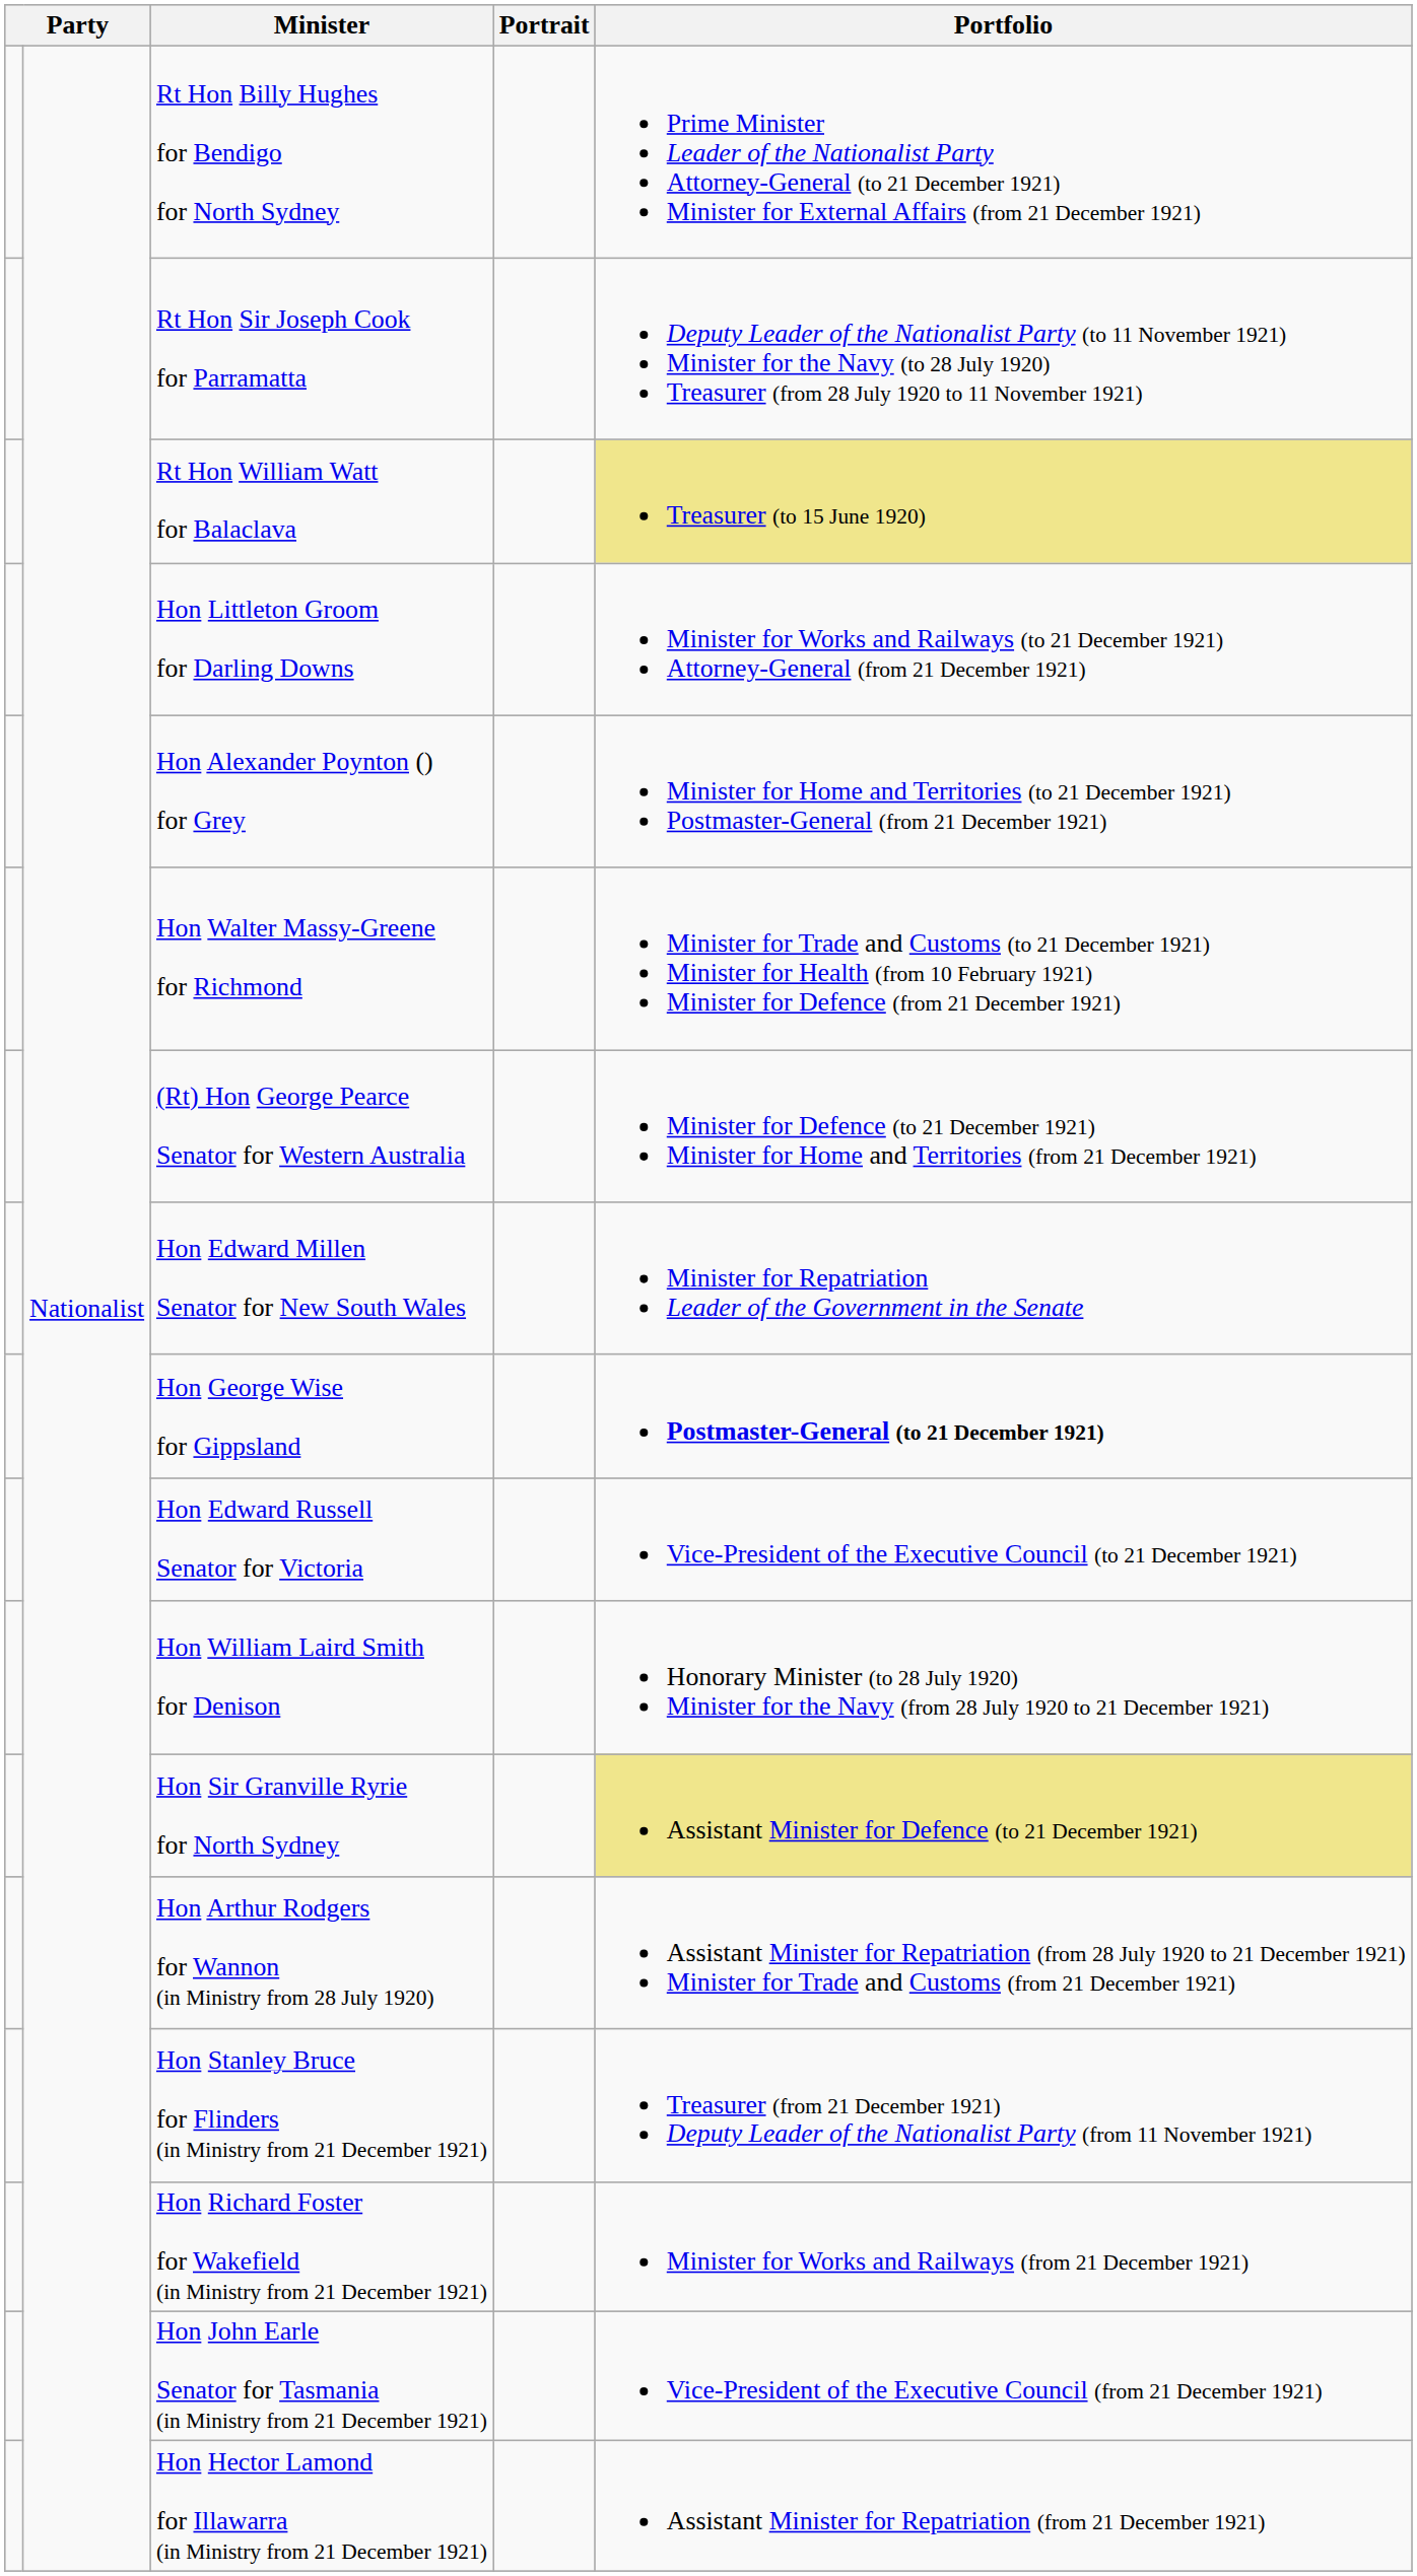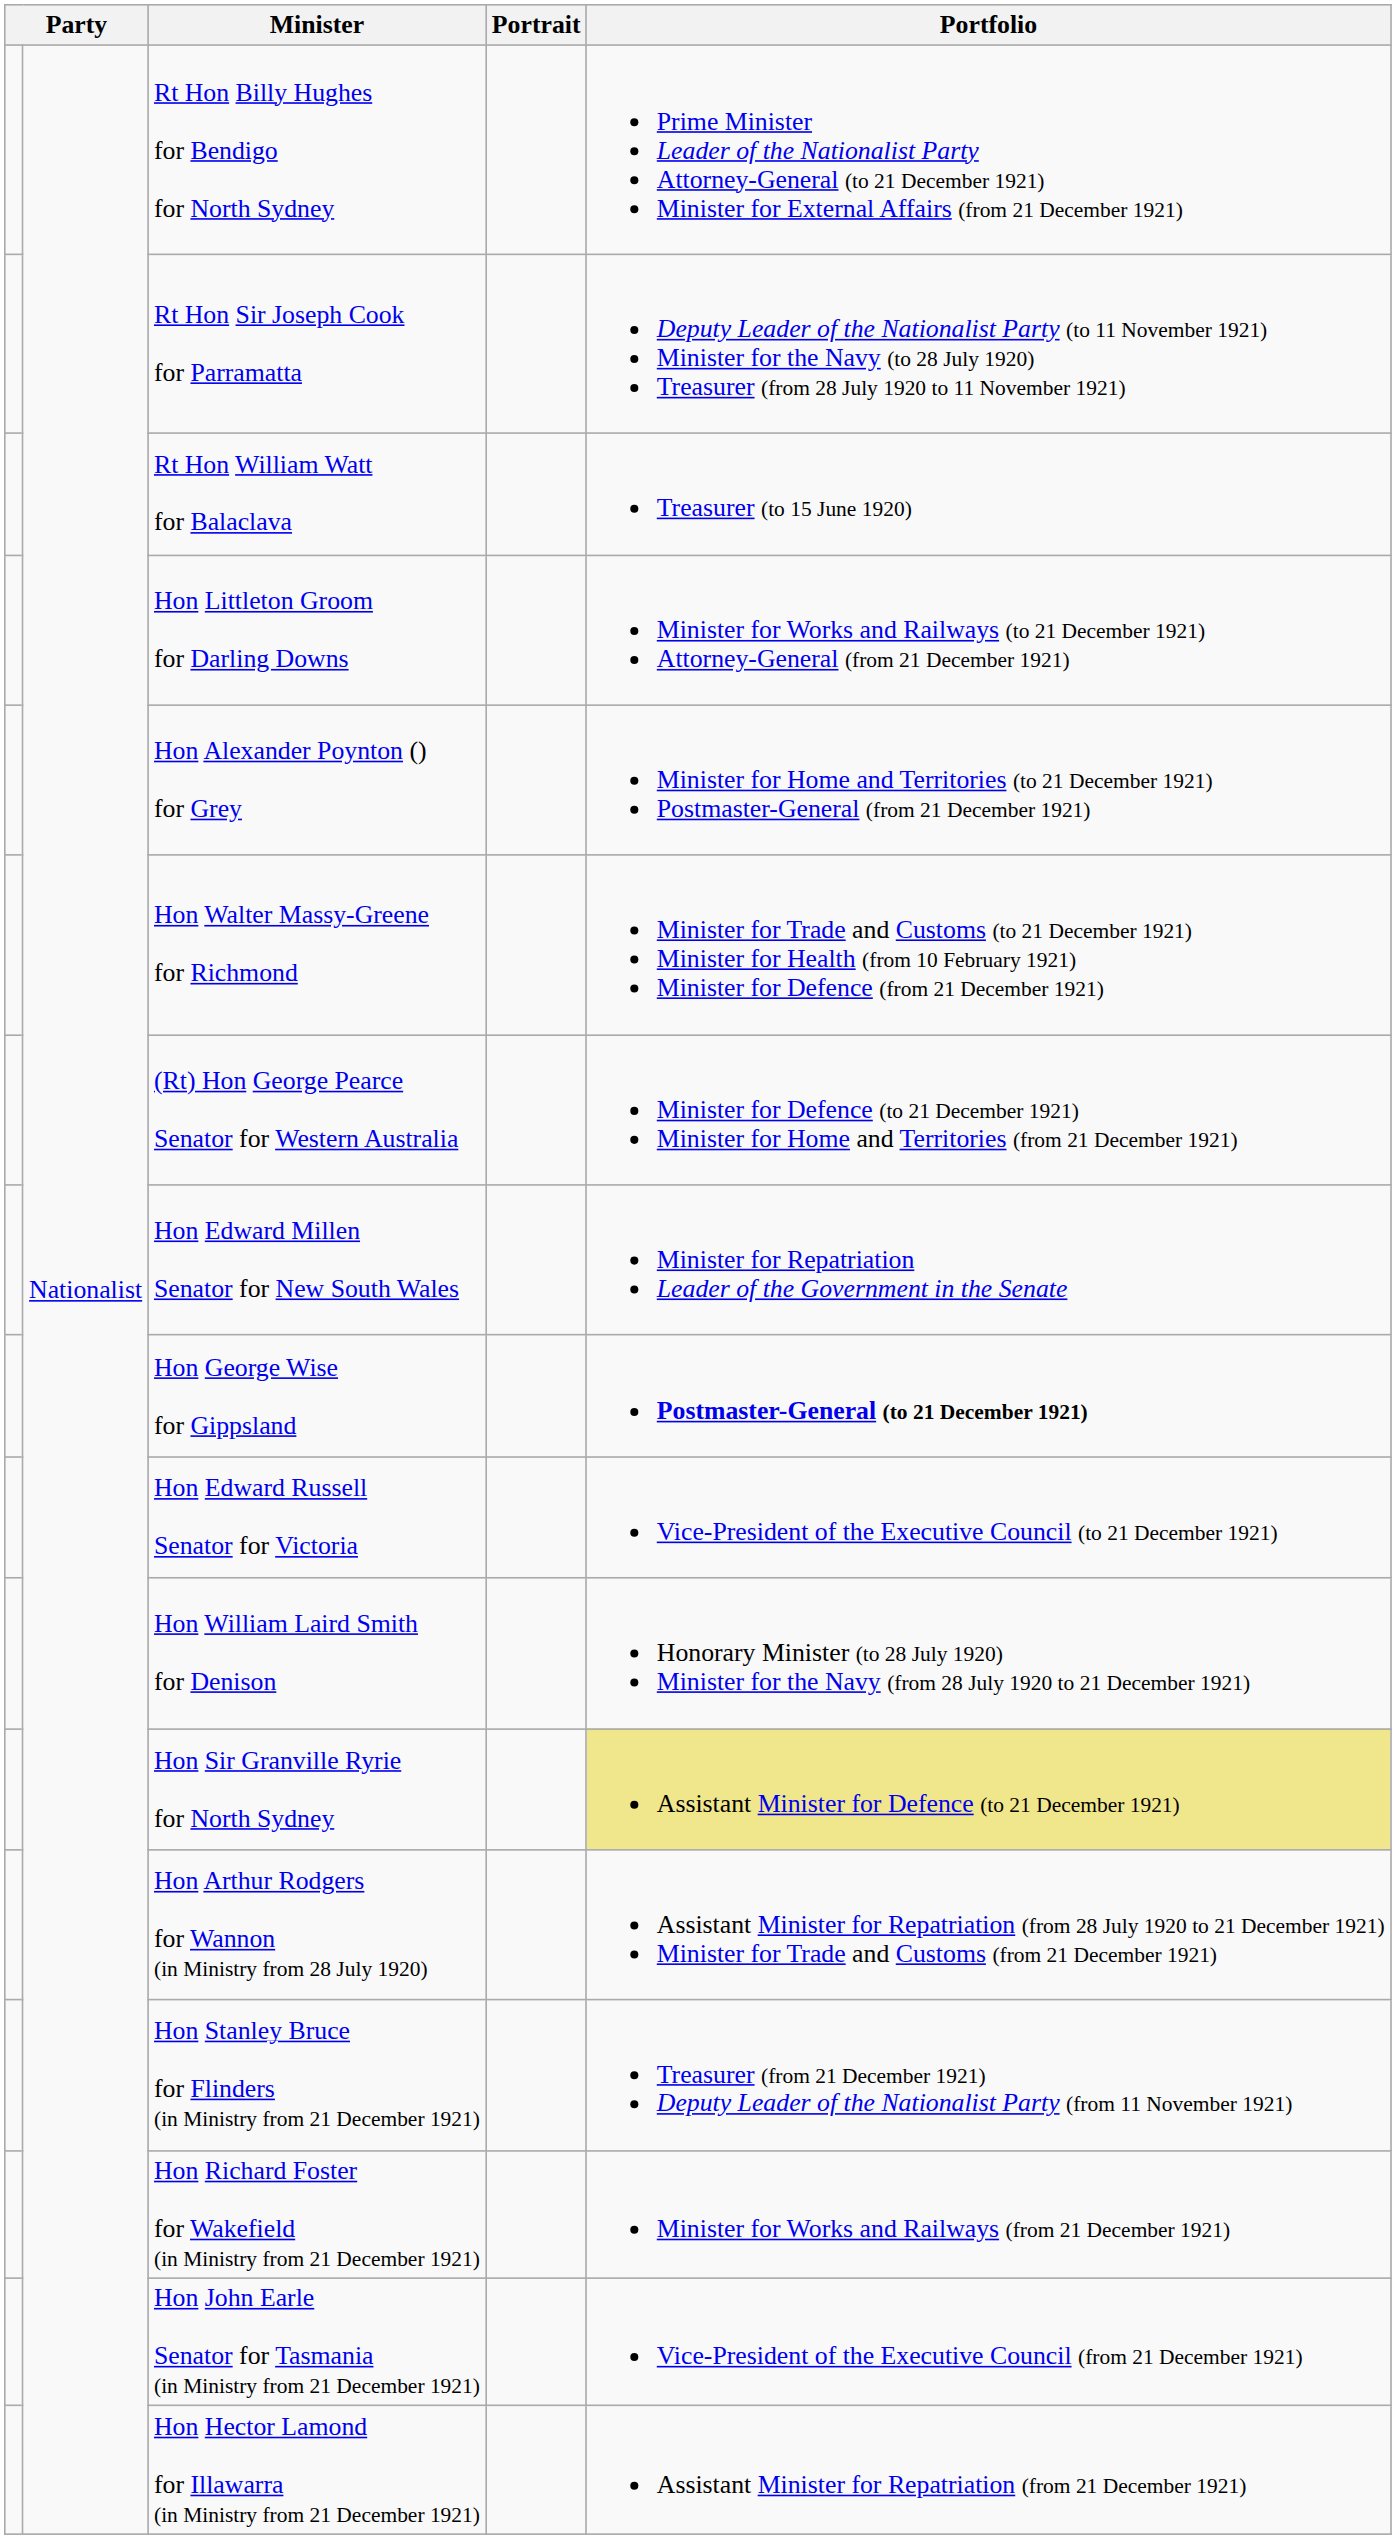 <table class="wikitable sortable">
 <tr>
 <th colspan="2">Party</th>
 <th>Minister</th>
 <th>Portrait</th>
 <th>Portfolio</th>
 </tr>
 <tr>
 <td> </td>
 <td rowspan=17><a href='#'>Nationalist</a></td>
 <td><a href='#'>Rt Hon</a> <a href='#'>Billy Hughes</a>  <br><br> for <a href='#'>Bendigo</a> <br><br> for <a href='#'>North Sydney</a> <br></td>
 <td></td>
 <td><br><ul><li><a href='#'>Prime Minister</a></li><li><em><a href='#'>Leader of the Nationalist Party</a></em></li><li><a href='#'>Attorney-General</a> <small>(to 21 December 1921)</small></li><li><a href='#'>Minister for External Affairs</a> <small>(from 21 December 1921)</small></li></ul></td>
 </tr>
 <tr>
 <td> </td>
 <td><a href='#'>Rt Hon</a> <a href='#'>Sir Joseph Cook</a>  <br><br> for <a href='#'>Parramatta</a> <br></td>
 <td></td>
 <td><br><ul><li><em><a href='#'>Deputy Leader of the Nationalist Party</a></em> <small>(to 11 November 1921)</small></li><li><a href='#'>Minister for the Navy</a> <small>(to 28 July 1920)</small></li><li><a href='#'>Treasurer</a> <small>(from 28 July 1920 to 11 November 1921)</small></li></ul></td>
 </tr>
 <tr>
 <td> </td>
 <td><a href='#'>Rt Hon</a> <a href='#'>William Watt</a> <br><br> for <a href='#'>Balaclava</a> <br></td>
 <td></td>
-<td style="background: khaki;"><br><ul><li><a href='#'>Treasurer</a> <small>(to 15 June 1920)</small></li></ul></td>
+<td><br><ul><li><a href='#'>Treasurer</a> <small>(to 15 June 1920)</small></li></ul></td>
 </tr>
 <tr>
 <td> </td>
 <td><a href='#'>Hon</a> <a href='#'>Littleton Groom</a> <br><br> for <a href='#'>Darling Downs</a> <br></td>
 <td></td>
 <td><br><ul><li><a href='#'>Minister for Works and Railways</a> <small>(to 21 December 1921)</small></li><li><a href='#'>Attorney-General</a> <small>(from 21 December 1921)</small></li></ul></td>
 </tr>
 <tr>
 <td> </td>
 <td><a href='#'>Hon</a> <a href='#'>Alexander Poynton</a> () <br><br> for <a href='#'>Grey</a> <br></td>
 <td></td>
 <td><br><ul><li><a href='#'>Minister for Home and Territories</a> <small>(to 21 December 1921)</small></li><li><a href='#'>Postmaster-General</a> <small>(from 21 December 1921)</small></li></ul></td>
 </tr>
 <tr>
 <td> </td>
 <td><a href='#'>Hon</a> <a href='#'>Walter Massy-Greene</a> <br><br> for <a href='#'>Richmond</a> <br></td>
 <td></td>
 <td><br><ul><li><a href='#'>Minister for Trade</a> and <a href='#'>Customs</a> <small>(to 21 December 1921)</small></li><li><a href='#'>Minister for Health</a> <small>(from 10 February 1921)</small></li><li><a href='#'>Minister for Defence</a> <small>(from 21 December 1921)</small></li></ul></td>
 </tr>
 <tr>
 <td> </td>
 <td><a href='#'>(Rt) Hon</a> <a href='#'>George Pearce</a> <br><br><a href='#'>Senator</a> for <a href='#'>Western Australia</a> <br></td>
 <td></td>
 <td><br><ul><li><a href='#'>Minister for Defence</a> <small>(to 21 December 1921)</small></li><li><a href='#'>Minister for Home</a> and <a href='#'>Territories</a> <small>(from 21 December 1921)</small></li></ul></td>
 </tr>
 <tr>
 <td> </td>
 <td><a href='#'>Hon</a> <a href='#'>Edward Millen</a> <br><br><a href='#'>Senator</a> for <a href='#'>New South Wales</a> <br></td>
 <td></td>
 <td><br><ul><li><a href='#'>Minister for Repatriation</a></li><li><em><a href='#'>Leader of the Government in the Senate</a></em></li></ul></td>
 </tr>
 <tr>
 <td> </td>
 <td><a href='#'>Hon</a> <a href='#'>George Wise</a> <br><br> for <a href='#'>Gippsland</a> <br></td>
 <td></td>
 <td><strong><br><ul><li><a href='#'>Postmaster-General</a> <small>(to 21 December 1921)</small></li></ul></strong></td>
 </tr>
 <tr>
 <td> </td>
 <td><a href='#'>Hon</a> <a href='#'>Edward Russell</a> <br><br><a href='#'>Senator</a> for <a href='#'>Victoria</a> <br></td>
 <td></td>
 <td><br><ul><li><a href='#'>Vice-President of the Executive Council</a> <small>(to 21 December 1921)</small></li></ul></td>
 </tr>
 <tr>
 <td> </td>
 <td><a href='#'>Hon</a> <a href='#'>William Laird Smith</a> <br><br> for <a href='#'>Denison</a> <br></td>
 <td></td>
 <td><br><ul><li>Honorary Minister <small>(to 28 July 1920)</small></li><li><a href='#'>Minister for the Navy</a> <small>(from 28 July 1920 to 21 December 1921)</small></li></ul></td>
 </tr>
 <tr>
 <td> </td>
 <td><a href='#'>Hon</a> <a href='#'>Sir Granville Ryrie</a>    <br><br> for <a href='#'>North Sydney</a> <br></td>
 <td></td>
 <td style="background: khaki;"><br><ul><li>Assistant <a href='#'>Minister for Defence</a> <small>(to 21 December 1921)</small></li></ul></td>
 </tr>
 <tr>
 <td> </td>
 <td><a href='#'>Hon</a> <a href='#'>Arthur Rodgers</a> <br><br> for <a href='#'>Wannon</a> <br> <small>(in Ministry from 28 July 1920)</small></td>
 <td></td>
 <td><br><ul><li>Assistant <a href='#'>Minister for Repatriation</a> <small>(from 28 July 1920 to 21 December 1921)</small></li><li><a href='#'>Minister for Trade</a> and <a href='#'>Customs</a> <small>(from 21 December 1921)</small></li></ul></td>
 </tr>
 <tr>
 <td> </td>
 <td><a href='#'>Hon</a> <a href='#'>Stanley Bruce</a>  <br><br> for <a href='#'>Flinders</a> <br> <small>(in Ministry from 21 December 1921)</small></td>
 <td></td>
 <td><br><ul><li><a href='#'>Treasurer</a> <small>(from 21 December 1921)</small></li><li><em><a href='#'>Deputy Leader of the Nationalist Party</a></em> <small>(from 11 November 1921)</small></li></ul></td>
 </tr>
 <tr>
 <td> </td>
 <td><a href='#'>Hon</a> <a href='#'>Richard Foster</a> <br><br> for <a href='#'>Wakefield</a> <br> <small>(in Ministry from 21 December 1921)</small></td>
 <td></td>
 <td><br><ul><li><a href='#'>Minister for Works and Railways</a> <small>(from 21 December 1921)</small></li></ul></td>
 </tr>
 <tr>
 <td> </td>
 <td><a href='#'>Hon</a> <a href='#'>John Earle</a> <br><br><a href='#'>Senator</a> for <a href='#'>Tasmania</a> <br> <small>(in Ministry from 21 December 1921)</small></td>
 <td></td>
 <td><br><ul><li><a href='#'>Vice-President of the Executive Council</a> <small>(from 21 December 1921)</small></li></ul></td>
 </tr>
 <tr>
 <td> </td>
 <td><a href='#'>Hon</a> <a href='#'>Hector Lamond</a> <br><br> for <a href='#'>Illawarra</a> <br> <small>(in Ministry from 21 December 1921)</small></td>
 <td></td>
 <td><br><ul><li>Assistant <a href='#'>Minister for Repatriation</a> <small>(from 21 December 1921)</small></li></ul></td>
 </tr>
 </table>
